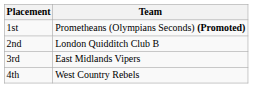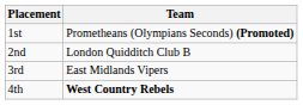 <table class="wikitable">
 <tr>
 <th>Placement</th>
 <th>Team</th>
 </tr>
 <tr>
 <td>1st</td>
 <td>Prometheans (Olympians Seconds) <strong>(Promoted)</strong></td>
 </tr>
 <tr>
 <td>2nd</td>
 <td>London Quidditch Club B</td>
 </tr>
 <tr>
 <td>3rd</td>
 <td>East Midlands Vipers</td>
 </tr>
 <tr>
 <td>4th</td>
-<td>West Country Rebels</td>
+<td><strong>West Country Rebels</strong></td>
 </tr>
 </table>
